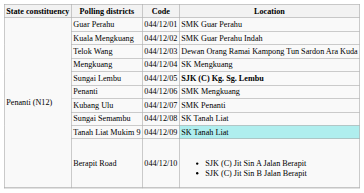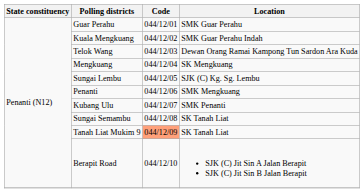 <table class="wikitable sortable mw-collapsible" style="white-space:nowrap;font-size:85%">
 <tr>
 <th>State constituency</th>
 <th>Polling districts</th>
 <th>Code</th>
 <th>Location</th>
 </tr>
 <tr>
 <td rowspan="10">Penanti (N12)</td>
 <td>Guar Perahu</td>
 <td>044/12/01</td>
 <td>SMK Guar Perahu</td>
 </tr>
 <tr>
 <td>Kuala Mengkuang</td>
 <td>044/12/02</td>
 <td>SMK Guar Perahu Indah</td>
 </tr>
 <tr>
 <td>Telok Wang</td>
 <td>044/12/03</td>
 <td>Dewan Orang Ramai Kampong Tun Sardon Ara Kuda</td>
 </tr>
 <tr>
 <td>Mengkuang</td>
 <td>044/12/04</td>
 <td>SK Mengkuang</td>
 </tr>
 <tr>
 <td>Sungai Lembu</td>
 <td>044/12/05</td>
-<td><strong>SJK (C) Kg. Sg. Lembu</strong></td>
+<td>SJK (C) Kg. Sg. Lembu</td>
 </tr>
 <tr>
 <td>Penanti</td>
 <td>044/12/06</td>
 <td>SMK Mengkuang</td>
 </tr>
 <tr>
 <td>Kubang Ulu</td>
 <td>044/12/07</td>
 <td>SMK Penanti</td>
 </tr>
 <tr>
 <td>Sungai Semambu</td>
 <td>044/12/08</td>
 <td>SK Tanah Liat</td>
 </tr>
 <tr>
 <td>Tanah Liat Mukim 9</td>
-<td>044/12/09</td>
-<td style="background: paleturquoise;">SK Tanah Liat</td>
+<td style="background: lightsalmon;">044/12/09</td>
+<td>SK Tanah Liat</td>
 </tr>
 <tr>
 <td>Berapit Road</td>
 <td>044/12/10</td>
 <td><br><ul><li>SJK (C) Jit Sin A Jalan Berapit</li><li>SJK (C) Jit Sin B Jalan Berapit</li></ul></td>
 </tr>
 <tr>
 </tr>
 </table>
